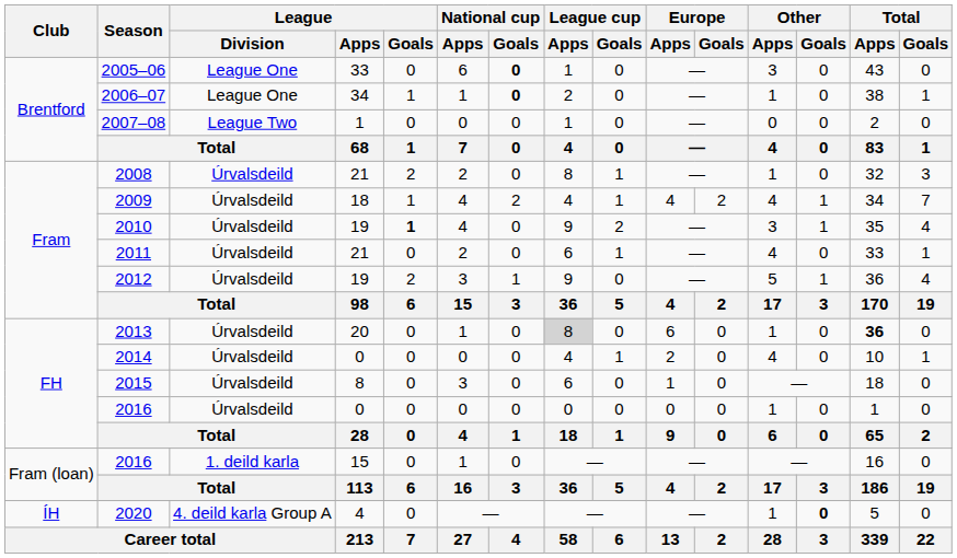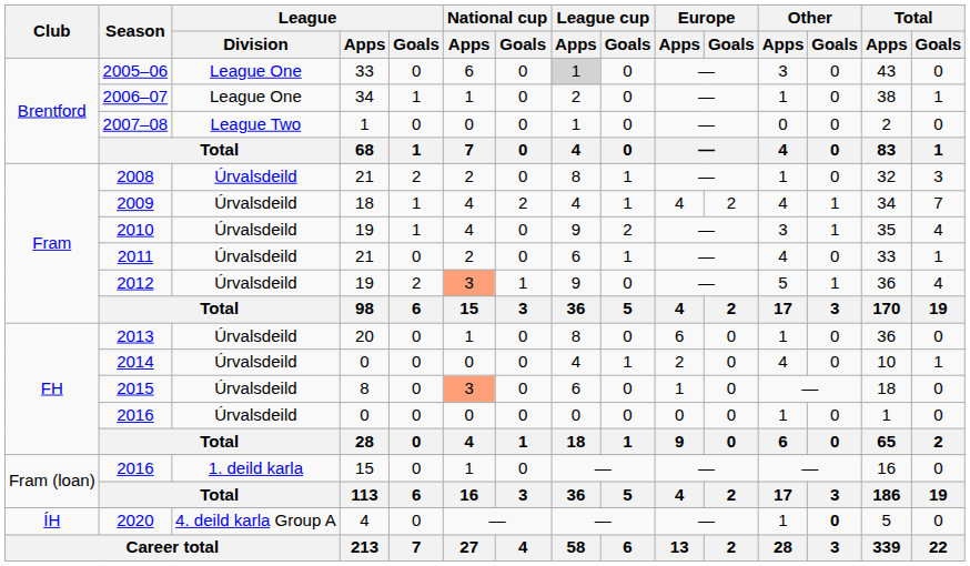 <table class="wikitable" style="text-align: center;">
 <tr>
 <th rowspan="2">Club</th>
 <th rowspan="2">Season</th>
 <th colspan="3">League</th>
 <th colspan="2">National cup</th>
 <th colspan="2">League cup</th>
 <th colspan="2">Europe</th>
 <th colspan="2">Other</th>
 <th colspan="2">Total</th>
 </tr>
 <tr>
 <th>Division</th>
 <th>Apps</th>
 <th>Goals</th>
 <th>Apps</th>
 <th>Goals</th>
 <th>Apps</th>
 <th>Goals</th>
 <th>Apps</th>
 <th>Goals</th>
 <th>Apps</th>
 <th>Goals</th>
 <th>Apps</th>
 <th>Goals</th>
 </tr>
 <tr>
 <td rowspan="4"><a href='#'>Brentford</a></td>
 <td><a href='#'>2005–06</a></td>
 <td><a href='#'>League One</a></td>
 <td>33</td>
 <td>0</td>
 <td>6</td>
-<td><strong>0</strong></td>
-<td>1</td>
+<td>0</td>
+<td style="background: lightgrey;">1</td>
 <td>0</td>
 <td colspan="2">—</td>
 <td>3</td>
 <td>0</td>
 <td>43</td>
 <td>0</td>
 </tr>
 <tr>
 <td><a href='#'>2006–07</a></td>
 <td>League One</td>
 <td>34</td>
 <td>1</td>
 <td>1</td>
-<td><strong>0</strong></td>
+<td>0</td>
 <td>2</td>
 <td>0</td>
 <td colspan="2">—</td>
 <td>1</td>
 <td>0</td>
 <td>38</td>
 <td>1</td>
 </tr>
 <tr>
 <td><a href='#'>2007–08</a></td>
 <td><a href='#'>League Two</a></td>
 <td>1</td>
 <td>0</td>
 <td>0</td>
 <td>0</td>
 <td>1</td>
 <td>0</td>
 <td colspan="2">—</td>
 <td>0</td>
 <td>0</td>
 <td>2</td>
 <td>0</td>
 </tr>
 <tr>
 <th colspan="2">Total</th>
 <th>68</th>
 <th>1</th>
 <th>7</th>
 <th>0</th>
 <th>4</th>
 <th>0</th>
 <th colspan="2">—</th>
 <th>4</th>
 <th>0</th>
 <th>83</th>
 <th>1</th>
 </tr>
 <tr>
 <td rowspan="6"><a href='#'>Fram</a></td>
 <td><a href='#'>2008</a></td>
 <td><a href='#'>Úrvalsdeild</a></td>
 <td>21</td>
 <td>2</td>
 <td>2</td>
 <td>0</td>
 <td>8</td>
 <td>1</td>
 <td colspan="2">—</td>
 <td>1</td>
 <td>0</td>
 <td>32</td>
 <td>3</td>
 </tr>
 <tr>
 <td><a href='#'>2009</a></td>
 <td>Úrvalsdeild</td>
 <td>18</td>
 <td>1</td>
 <td>4</td>
 <td>2</td>
 <td>4</td>
 <td>1</td>
 <td>4</td>
 <td>2</td>
 <td>4</td>
 <td>1</td>
 <td>34</td>
 <td>7</td>
 </tr>
 <tr>
 <td><a href='#'>2010</a></td>
 <td>Úrvalsdeild</td>
 <td>19</td>
-<td><strong>1</strong></td>
+<td>1</td>
 <td>4</td>
 <td>0</td>
 <td>9</td>
 <td>2</td>
 <td colspan="2">—</td>
 <td>3</td>
 <td>1</td>
 <td>35</td>
 <td>4</td>
 </tr>
 <tr>
 <td><a href='#'>2011</a></td>
 <td>Úrvalsdeild</td>
 <td>21</td>
 <td>0</td>
 <td>2</td>
 <td>0</td>
 <td>6</td>
 <td>1</td>
 <td colspan="2">—</td>
 <td>4</td>
 <td>0</td>
 <td>33</td>
 <td>1</td>
 </tr>
 <tr>
 <td><a href='#'>2012</a></td>
 <td>Úrvalsdeild</td>
 <td>19</td>
 <td>2</td>
-<td>3</td>
+<td style="background: lightsalmon;">3</td>
 <td>1</td>
 <td>9</td>
 <td>0</td>
 <td colspan="2">—</td>
 <td>5</td>
 <td>1</td>
 <td>36</td>
 <td>4</td>
 </tr>
 <tr>
 <th colspan="2">Total</th>
 <th>98</th>
 <th>6</th>
 <th>15</th>
 <th>3</th>
 <th>36</th>
 <th>5</th>
 <th>4</th>
 <th>2</th>
 <th>17</th>
 <th>3</th>
 <th>170</th>
 <th>19</th>
 </tr>
 <tr>
 <td rowspan="5"><a href='#'>FH</a></td>
 <td><a href='#'>2013</a></td>
 <td>Úrvalsdeild</td>
 <td>20</td>
 <td>0</td>
 <td>1</td>
 <td>0</td>
-<td style="background: lightgrey;">8</td>
+<td>8</td>
 <td>0</td>
 <td>6</td>
 <td>0</td>
 <td>1</td>
 <td>0</td>
-<td><strong>36</strong></td>
+<td>36</td>
 <td>0</td>
 </tr>
 <tr>
 <td><a href='#'>2014</a></td>
 <td>Úrvalsdeild</td>
 <td>0</td>
 <td>0</td>
 <td>0</td>
 <td>0</td>
 <td>4</td>
 <td>1</td>
 <td>2</td>
 <td>0</td>
 <td>4</td>
 <td>0</td>
 <td>10</td>
 <td>1</td>
 </tr>
 <tr>
 <td><a href='#'>2015</a></td>
 <td>Úrvalsdeild</td>
 <td>8</td>
 <td>0</td>
-<td>3</td>
+<td style="background: lightsalmon;">3</td>
 <td>0</td>
 <td>6</td>
 <td>0</td>
 <td>1</td>
 <td>0</td>
 <td colspan="2">—</td>
 <td>18</td>
 <td>0</td>
 </tr>
 <tr>
 <td><a href='#'>2016</a></td>
 <td>Úrvalsdeild</td>
 <td>0</td>
 <td>0</td>
 <td>0</td>
 <td>0</td>
 <td>0</td>
 <td>0</td>
 <td>0</td>
 <td>0</td>
 <td>1</td>
 <td>0</td>
 <td>1</td>
 <td>0</td>
 </tr>
 <tr>
 <th colspan="2">Total</th>
 <th>28</th>
 <th>0</th>
 <th>4</th>
 <th>1</th>
 <th>18</th>
 <th>1</th>
 <th>9</th>
 <th>0</th>
 <th>6</th>
 <th>0</th>
 <th>65</th>
 <th>2</th>
 </tr>
 <tr>
 <td rowspan="2">Fram (loan)</td>
 <td><a href='#'>2016</a></td>
 <td><a href='#'>1. deild karla</a></td>
 <td>15</td>
 <td>0</td>
 <td>1</td>
 <td>0</td>
 <td colspan="2">—</td>
 <td colspan="2">—</td>
 <td colspan="2">—</td>
 <td>16</td>
 <td>0</td>
 </tr>
 <tr>
 <th colspan="2">Total</th>
 <th>113</th>
 <th>6</th>
 <th>16</th>
 <th>3</th>
 <th>36</th>
 <th>5</th>
 <th>4</th>
 <th>2</th>
 <th>17</th>
 <th>3</th>
 <th>186</th>
 <th>19</th>
 </tr>
 <tr>
 <td><a href='#'>ÍH</a></td>
 <td><a href='#'>2020</a></td>
 <td><a href='#'>4. deild karla</a> Group A</td>
 <td>4</td>
 <td>0</td>
 <td colspan="2">—</td>
 <td colspan="2">—</td>
 <td colspan="2">—</td>
 <td>1</td>
 <td><strong>0</strong></td>
 <td>5</td>
 <td>0</td>
 </tr>
 <tr>
 <th colspan="3">Career total</th>
 <th>213</th>
 <th>7</th>
 <th>27</th>
 <th>4</th>
 <th>58</th>
 <th>6</th>
 <th>13</th>
 <th>2</th>
 <th>28</th>
 <th>3</th>
 <th>339</th>
 <th>22</th>
 </tr>
 </table>
